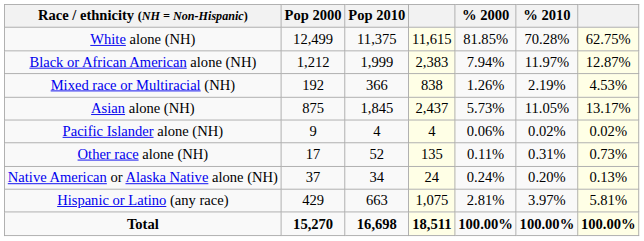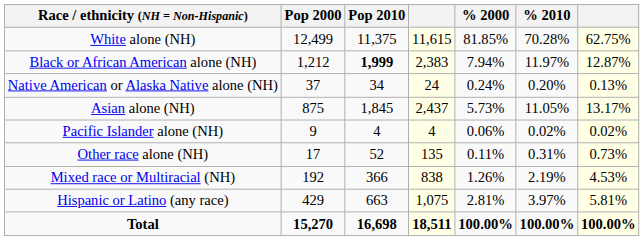 <table class="wikitable" style="text-align:center;">
 <tr>
 <th>Race / ethnicity <small>(<em>NH = Non-Hispanic</em>)</small></th>
 <th>Pop 2000</th>
 <th>Pop 2010</th>
 <th></th>
 <th>% 2000</th>
 <th>% 2010</th>
 <th></th>
 </tr>
 <tr>
 <td><a href='#'>White</a> alone (NH)</td>
 <td>12,499</td>
 <td>11,375</td>
 <td style='background: #ffffe6;'>11,615</td>
 <td>81.85%</td>
 <td>70.28%</td>
 <td style='background: #ffffe6;'>62.75%</td>
 </tr>
 <tr>
 <td><a href='#'>Black or African American</a> alone (NH)</td>
 <td>1,212</td>
-<td>1,999</td>
+<td><strong>1,999</strong></td>
 <td style='background: #ffffe6;'>2,383</td>
 <td>7.94%</td>
 <td>11.97%</td>
 <td style='background: #ffffe6;'>12.87%</td>
 </tr>
 <tr>
-<td><a href='#'>Mixed race or Multiracial</a> (NH)</td>
-<td>192</td>
-<td>366</td>
-<td style='background: #ffffe6;'>838</td>
-<td>1.26%</td>
-<td>2.19%</td>
-<td style='background: #ffffe6;'>4.53%</td>
+<td><a href='#'>Native American</a> or <a href='#'>Alaska Native</a> alone (NH)</td>
+<td>37</td>
+<td>34</td>
+<td style='background: #ffffe6;'>24</td>
+<td>0.24%</td>
+<td>0.20%</td>
+<td style='background: #ffffe6;'>0.13%</td>
 </tr>
 <tr>
 <td><a href='#'>Asian</a> alone (NH)</td>
 <td>875</td>
 <td>1,845</td>
 <td style='background: #ffffe6;'>2,437</td>
 <td>5.73%</td>
 <td>11.05%</td>
 <td style='background: #ffffe6;'>13.17%</td>
 </tr>
 <tr>
 <td><a href='#'>Pacific Islander</a> alone (NH)</td>
 <td>9</td>
 <td>4</td>
 <td style='background: #ffffe6;'>4</td>
 <td>0.06%</td>
 <td>0.02%</td>
 <td style='background: #ffffe6;'>0.02%</td>
 </tr>
 <tr>
 <td><a href='#'>Other race</a> alone (NH)</td>
 <td>17</td>
 <td>52</td>
 <td style='background: #ffffe6;'>135</td>
 <td>0.11%</td>
 <td>0.31%</td>
 <td style='background: #ffffe6;'>0.73%</td>
 </tr>
 <tr>
-<td><a href='#'>Native American</a> or <a href='#'>Alaska Native</a> alone (NH)</td>
-<td>37</td>
-<td>34</td>
-<td style='background: #ffffe6;'>24</td>
-<td>0.24%</td>
-<td>0.20%</td>
-<td style='background: #ffffe6;'>0.13%</td>
+<td><a href='#'>Mixed race or Multiracial</a> (NH)</td>
+<td>192</td>
+<td>366</td>
+<td style='background: #ffffe6;'>838</td>
+<td>1.26%</td>
+<td>2.19%</td>
+<td style='background: #ffffe6;'>4.53%</td>
 </tr>
 <tr>
 <td><a href='#'>Hispanic or Latino</a> (any race)</td>
 <td>429</td>
 <td>663</td>
 <td style='background: #ffffe6;'>1,075</td>
 <td>2.81%</td>
 <td>3.97%</td>
 <td style='background: #ffffe6;'>5.81%</td>
 </tr>
 <tr>
 <td><strong>Total</strong></td>
 <td><strong>15,270</strong></td>
 <td><strong>16,698</strong></td>
 <td style='background: #ffffe6;'><strong>18,511</strong></td>
 <td><strong>100.00%</strong></td>
 <td><strong>100.00%</strong></td>
 <td style='background: #ffffe6;'><strong>100.00%</strong></td>
 </tr>
 </table>
